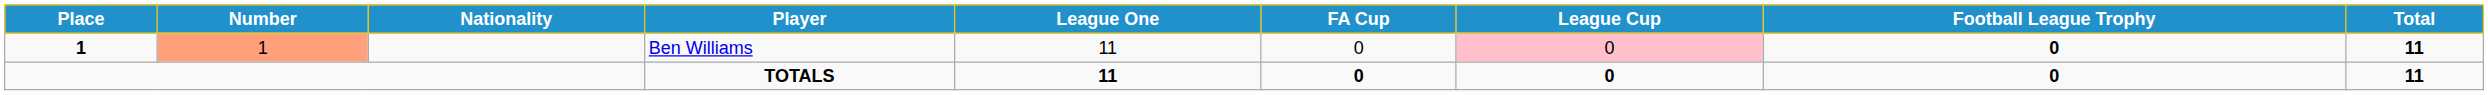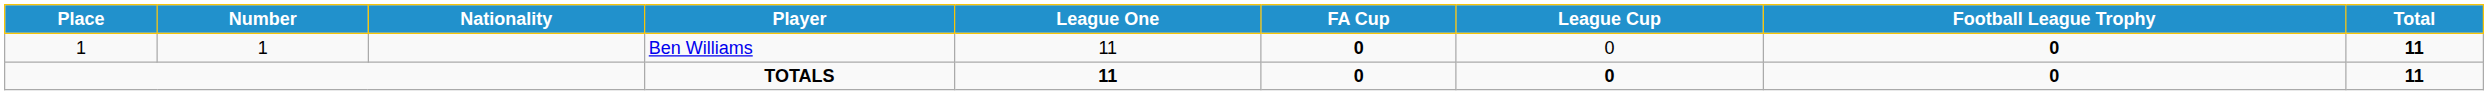 <table class="wikitable" style="text-align:center; font-size:90%; width:100%;">
 <tr>
 <th style="background:#2191CC; color:white; border:1px solid #F7C408; text-align:center;">Place</th>
 <th style="background:#2191CC; color:white; border:1px solid #F7C408; text-align:center;">Number</th>
 <th style="background:#2191CC; color:white; border:1px solid #F7C408; text-align:center;">Nationality</th>
 <th style="background:#2191CC; color:white; border:1px solid #F7C408; text-align:center;">Player</th>
 <th style="background:#2191CC; color:white; border:1px solid #F7C408; text-align:center;">League One</th>
 <th style="background:#2191CC; color:white; border:1px solid #F7C408; text-align:center;">FA Cup</th>
 <th style="background:#2191CC; color:white; border:1px solid #F7C408; text-align:center;">League Cup</th>
 <th style="background:#2191CC; color:white; border:1px solid #F7C408; text-align:center;">Football League Trophy</th>
 <th style="background:#2191CC; color:white; border:1px solid #F7C408; text-align:center;">Total</th>
 </tr>
 <tr>
-<td><strong>1</strong></td>
-<td style="background: lightsalmon;">1</td>
+<td>1</td>
+<td>1</td>
 <td></td>
 <td align="left"><a href='#'>Ben Williams</a></td>
 <td>11</td>
+<td><strong>0</strong></td>
 <td>0</td>
-<td style="background: pink;">0</td>
 <td><strong>0</strong></td>
 <td><strong>11</strong></td>
 </tr>
 <tr>
 <td colspan="3"></td>
 <td><strong>TOTALS</strong></td>
 <td><strong>11</strong></td>
 <td><strong>0</strong></td>
 <td><strong>0</strong></td>
 <td><strong>0</strong></td>
 <td><strong>11</strong></td>
 </tr>
 </table>
